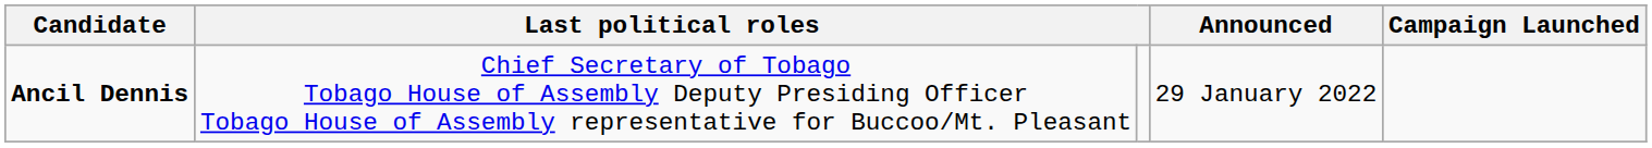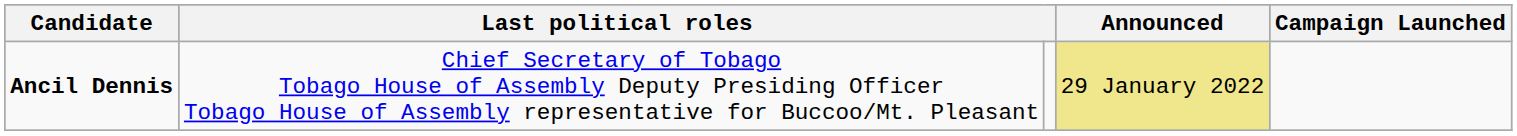 <table class="wikitable" style="text-align:center">
 <tr>
 <th>Candidate</th>
 <th colspan="2">Last political roles</th>
 <th>Announced</th>
 <th>Campaign Launched</th>
 </tr>
 <tr>
 <td><strong>Ancil Dennis</strong></td>
 <td><a href='#'>Chief Secretary of Tobago</a> <br><a href='#'>Tobago House of Assembly</a> Deputy Presiding Officer <br><a href='#'>Tobago House of Assembly</a> representative for Buccoo/Mt. Pleasant </td>
 <td></td>
-<td>29 January 2022</td>
+<td style="background: khaki;">29 January 2022</td>
 </tr>
 </table>
